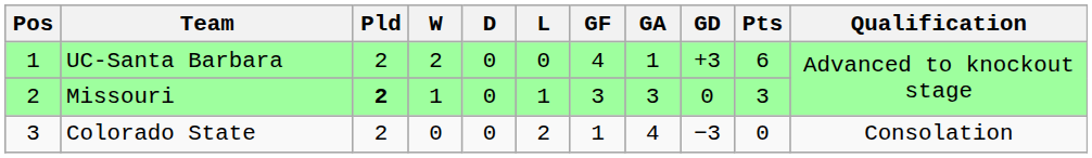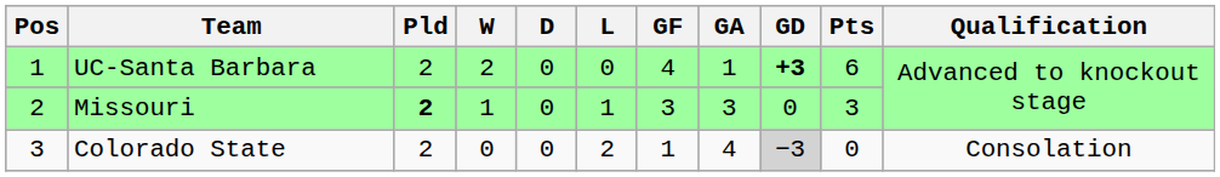 <table class="wikitable" style="text-align:center; margin: 1em auto">
 <tr>
 <th style="width:2em">Pos</th>
 <th style="width:13em">Team</th>
 <th style="width:2em">Pld</th>
 <th style="width:2em">W</th>
 <th style="width:2em">D</th>
 <th style="width:2em">L</th>
 <th style="width:2em">GF</th>
 <th style="width:2em">GA</th>
 <th style="width:2em">GD</th>
 <th style="width:2em">Pts</th>
 <th style="width:13em">Qualification</th>
 </tr>
 <tr bgcolor="#9eff9e">
 <td>1</td>
 <td style="text-align:left">UC-Santa Barbara</td>
 <td>2</td>
 <td>2</td>
 <td>0</td>
 <td>0</td>
 <td>4</td>
 <td>1</td>
-<td>+3</td>
+<td><strong>+3</strong></td>
 <td>6</td>
 <td rowspan="2">Advanced to knockout stage</td>
 </tr>
 <tr bgcolor="#9eff9e">
 <td>2</td>
 <td style="text-align:left">Missouri</td>
 <td><strong>2</strong></td>
 <td>1</td>
 <td>0</td>
 <td>1</td>
 <td>3</td>
 <td>3</td>
 <td>0</td>
 <td>3</td>
 </tr>
 <tr>
 <td>3</td>
 <td style="text-align:left">Colorado State</td>
 <td>2</td>
 <td>0</td>
 <td>0</td>
 <td>2</td>
 <td>1</td>
 <td>4</td>
-<td>−3</td>
+<td style="background: lightgrey;">−3</td>
 <td>0</td>
 <td>Consolation</td>
 </tr>
 </table>
